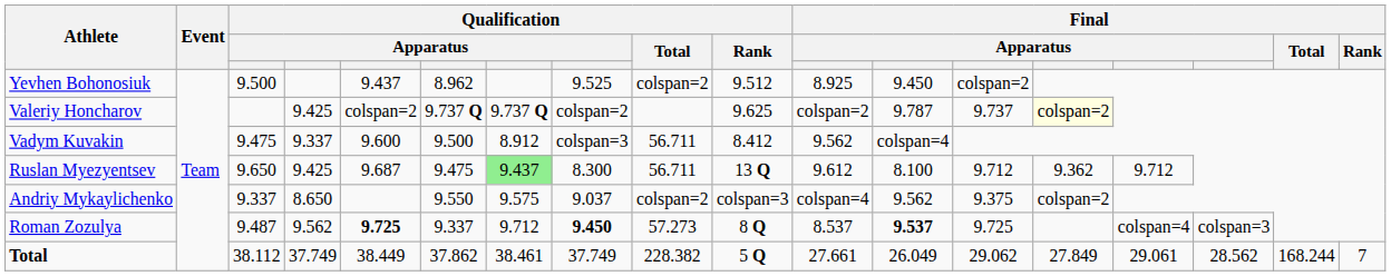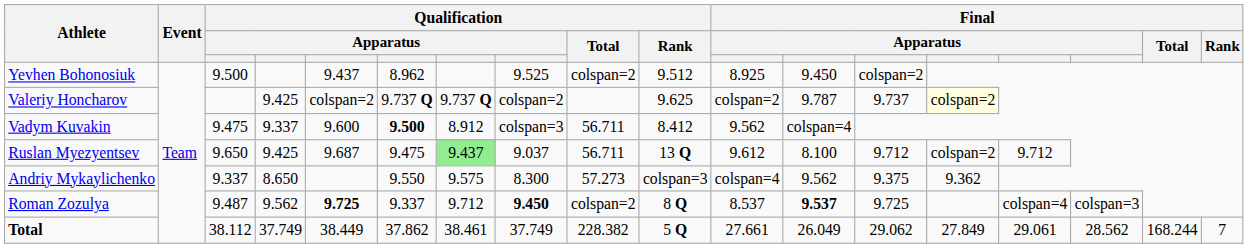 <table class="wikitable" style="font-size:90%">
 <tr>
 <th rowspan=3>Athlete</th>
 <th rowspan=3>Event</th>
 <th colspan =8>Qualification</th>
 <th colspan =8>Final</th>
 </tr>
 <tr style="font-size:95%">
 <th colspan=6>Apparatus</th>
 <th rowspan=2>Total</th>
 <th rowspan=2>Rank</th>
 <th colspan=6>Apparatus</th>
 <th rowspan=2>Total</th>
 <th rowspan=2>Rank</th>
 </tr>
 <tr style="font-size:95%">
 <th></th>
 <th></th>
 <th></th>
 <th></th>
 <th></th>
 <th></th>
 <th></th>
 <th></th>
 <th></th>
 <th></th>
 <th></th>
 <th></th>
 </tr>
 <tr align=center>
 <td align=left><a href='#'>Yevhen Bohonosiuk</a></td>
 <td align=left rowspan=7><a href='#'>Team</a></td>
 <td>9.500</td>
 <td></td>
 <td>9.437</td>
 <td>8.962</td>
 <td></td>
 <td>9.525</td>
 <td>colspan=2 </td>
 <td>9.512</td>
 <td>8.925</td>
 <td>9.450</td>
 <td>colspan=2 </td>
 </tr>
 <tr align=center>
 <td align=left><a href='#'>Valeriy Honcharov</a></td>
 <td></td>
 <td>9.425</td>
 <td>colspan=2 </td>
 <td>9.737 <strong>Q</strong></td>
 <td>9.737 <strong>Q</strong></td>
 <td>colspan=2 </td>
 <td></td>
 <td>9.625</td>
 <td>colspan=2 </td>
 <td>9.787</td>
 <td>9.737</td>
 <td style="background: lightyellow;">colspan=2 </td>
 </tr>
 <tr align=center>
 <td align=left><a href='#'>Vadym Kuvakin</a></td>
 <td>9.475</td>
 <td>9.337</td>
 <td>9.600</td>
-<td>9.500</td>
+<td><strong>9.500</strong></td>
 <td>8.912</td>
 <td>colspan=3 </td>
 <td>56.711</td>
 <td>8.412</td>
 <td>9.562</td>
 <td>colspan=4 </td>
 </tr>
 <tr align=center>
 <td align=left><a href='#'>Ruslan Myezyentsev</a></td>
 <td>9.650</td>
 <td>9.425</td>
 <td>9.687</td>
 <td>9.475</td>
 <td style="background: lightgreen;">9.437</td>
-<td>8.300</td>
+<td>9.037</td>
 <td>56.711</td>
 <td>13 <strong>Q</strong></td>
 <td>9.612</td>
 <td>8.100</td>
 <td>9.712</td>
-<td>9.362</td>
+<td>colspan=2 </td>
 <td>9.712</td>
 </tr>
 <tr align=center>
 <td align=left><a href='#'>Andriy Mykaylichenko</a></td>
 <td>9.337</td>
 <td>8.650</td>
 <td></td>
 <td>9.550</td>
 <td>9.575</td>
-<td>9.037</td>
-<td>colspan=2 </td>
+<td>8.300</td>
+<td>57.273</td>
 <td>colspan=3 </td>
 <td>colspan=4 </td>
 <td>9.562</td>
 <td>9.375</td>
-<td>colspan=2 </td>
+<td>9.362</td>
 </tr>
 <tr align=center>
 <td align=left><a href='#'>Roman Zozulya</a></td>
 <td>9.487</td>
 <td>9.562</td>
 <td><strong>9.725</strong></td>
 <td>9.337</td>
 <td>9.712</td>
 <td><strong>9.450</strong></td>
-<td>57.273</td>
+<td>colspan=2 </td>
 <td>8 <strong>Q</strong></td>
 <td>8.537</td>
 <td><strong>9.537</strong></td>
 <td>9.725</td>
 <td></td>
 <td>colspan=4 </td>
 <td>colspan=3 </td>
 </tr>
 <tr align=center>
 <td align=left><strong>Total</strong></td>
 <td>38.112</td>
 <td>37.749</td>
 <td>38.449</td>
 <td>37.862</td>
 <td>38.461</td>
 <td>37.749</td>
 <td>228.382</td>
 <td>5 <strong>Q</strong></td>
 <td>27.661</td>
 <td>26.049</td>
 <td>29.062</td>
 <td>27.849</td>
 <td>29.061</td>
 <td>28.562</td>
 <td>168.244</td>
 <td>7</td>
 </tr>
 </table>
